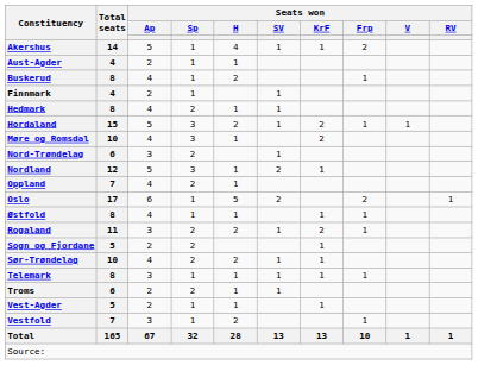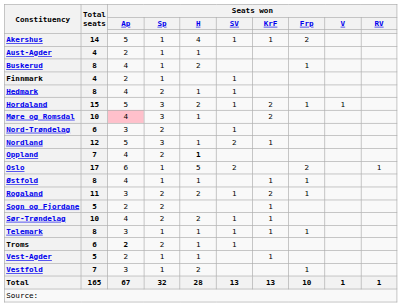 <table class="wikitable" style="text-align:center; font-size: 0.9em;">
 <tr>
 <th rowspan="3">Constituency</th>
 <th rowspan="3">Total<br>seats</th>
 <th colspan="8">Seats won</th>
 </tr>
 <tr>
 <th class="unsortable" style="width:50px;"><a href='#'>Ap</a></th>
 <th class="unsortable" style="width:50px;"><a href='#'>Sp</a></th>
 <th class="unsortable" style="width:50px;"><a href='#'>H</a></th>
 <th class="unsortable" style="width:50px;"><a href='#'>SV</a></th>
 <th class="unsortable" style="width:50px;"><a href='#'>KrF</a></th>
 <th class="unsortable" style="width:50px;"><a href='#'>Frp</a></th>
 <th class="unsortable" style="width:50px;"><a href='#'>V</a></th>
 <th class="unsortable" style="width:50px;"><a href='#'>RV</a></th>
 </tr>
 <tr>
 <th style="background:"></th>
 <th style="background:"></th>
 <th style="background:"></th>
 <th style="background:"></th>
 <th style="background:"></th>
 <th style="background:"></th>
 <th style="background:"></th>
 <th style="background:"></th>
 </tr>
 <tr>
 <th style="text-align: left;"><a href='#'>Akershus</a></th>
 <th>14</th>
 <td>5</td>
 <td>1</td>
 <td>4</td>
 <td>1</td>
 <td>1</td>
 <td>2</td>
 <td></td>
 <td></td>
 </tr>
 <tr>
 <th style="text-align: left;"><a href='#'>Aust-Agder</a></th>
 <th>4</th>
 <td>2</td>
 <td>1</td>
 <td>1</td>
 <td></td>
 <td></td>
 <td></td>
 <td></td>
 <td></td>
 </tr>
 <tr>
 <th style="text-align: left;"><a href='#'>Buskerud</a></th>
 <th>8</th>
 <td>4</td>
 <td>1</td>
 <td>2</td>
 <td></td>
 <td></td>
 <td>1</td>
 <td></td>
 <td></td>
 </tr>
 <tr>
 <th style="text-align: left;">Finnmark</th>
 <th>4</th>
 <td>2</td>
 <td>1</td>
 <td></td>
 <td>1</td>
 <td></td>
 <td></td>
 <td></td>
 <td></td>
 </tr>
 <tr>
 <th style="text-align: left;"><a href='#'>Hedmark</a></th>
 <th>8</th>
 <td>4</td>
 <td>2</td>
 <td>1</td>
 <td>1</td>
 <td></td>
 <td></td>
 <td></td>
 <td></td>
 </tr>
 <tr>
 <th style="text-align: left;"><a href='#'>Hordaland</a></th>
 <th>15</th>
 <td>5</td>
 <td>3</td>
 <td>2</td>
 <td>1</td>
 <td>2</td>
 <td>1</td>
 <td>1</td>
 <td></td>
 </tr>
 <tr>
 <th style="text-align: left;"><a href='#'>Møre og Romsdal</a></th>
 <th>10</th>
-<td>4</td>
+<td style="background: pink;">4</td>
 <td>3</td>
 <td>1</td>
 <td></td>
 <td>2</td>
 <td></td>
 <td></td>
 <td></td>
 </tr>
 <tr>
 <th style="text-align: left;"><a href='#'>Nord-Trøndelag</a></th>
 <th>6</th>
 <td>3</td>
 <td>2</td>
 <td></td>
 <td>1</td>
 <td></td>
 <td></td>
 <td></td>
 <td></td>
 </tr>
 <tr>
 <th style="text-align: left;"><a href='#'>Nordland</a></th>
 <th>12</th>
 <td>5</td>
 <td>3</td>
 <td>1</td>
 <td>2</td>
 <td>1</td>
 <td></td>
 <td></td>
 <td></td>
 </tr>
 <tr>
 <th style="text-align: left;"><a href='#'>Oppland</a></th>
 <th>7</th>
 <td>4</td>
 <td>2</td>
-<td>1</td>
+<td><strong>1</strong></td>
 <td></td>
 <td></td>
 <td></td>
 <td></td>
 <td></td>
 </tr>
 <tr>
 <th style="text-align: left;"><a href='#'>Oslo</a></th>
 <th>17</th>
 <td>6</td>
 <td>1</td>
 <td>5</td>
 <td>2</td>
 <td></td>
 <td>2</td>
 <td></td>
 <td>1</td>
 </tr>
 <tr>
 <th style="text-align: left;"><a href='#'>Østfold</a></th>
 <th>8</th>
 <td>4</td>
 <td>1</td>
 <td>1</td>
 <td></td>
 <td>1</td>
 <td>1</td>
 <td></td>
 <td></td>
 </tr>
 <tr>
 <th style="text-align: left;"><a href='#'>Rogaland</a></th>
 <th>11</th>
 <td>3</td>
 <td>2</td>
 <td>2</td>
 <td>1</td>
 <td>2</td>
 <td>1</td>
 <td></td>
 <td></td>
 </tr>
 <tr>
 <th style="text-align: left;"><a href='#'>Sogn og Fjordane</a></th>
 <th>5</th>
 <td>2</td>
 <td>2</td>
 <td></td>
 <td></td>
 <td>1</td>
 <td></td>
 <td></td>
 <td></td>
 </tr>
 <tr>
 <th style="text-align: left;"><a href='#'>Sør-Trøndelag</a></th>
 <th>10</th>
 <td>4</td>
 <td>2</td>
 <td>2</td>
 <td>1</td>
 <td>1</td>
 <td></td>
 <td></td>
 <td></td>
 </tr>
 <tr>
 <th style="text-align: left;"><a href='#'>Telemark</a></th>
 <th>8</th>
 <td>3</td>
 <td>1</td>
 <td>1</td>
 <td>1</td>
 <td>1</td>
 <td>1</td>
 <td></td>
 <td></td>
 </tr>
 <tr>
 <th style="text-align: left;">Troms</th>
 <th>6</th>
-<td>2</td>
+<td><strong>2</strong></td>
 <td>2</td>
 <td>1</td>
 <td>1</td>
 <td></td>
 <td></td>
 <td></td>
 <td></td>
 </tr>
 <tr>
 <th style="text-align: left;"><a href='#'>Vest-Agder</a></th>
 <th>5</th>
 <td>2</td>
 <td>1</td>
 <td>1</td>
 <td></td>
 <td>1</td>
 <td></td>
 <td></td>
 <td></td>
 </tr>
 <tr>
 <th style="text-align: left;"><a href='#'>Vestfold</a></th>
 <th>7</th>
 <td>3</td>
 <td>1</td>
 <td>2</td>
 <td></td>
 <td></td>
 <td>1</td>
 <td></td>
 <td></td>
 </tr>
 <tr>
 <th style="text-align: left;">Total</th>
 <th>165</th>
 <th>67</th>
 <th>32</th>
 <th>28</th>
 <th>13</th>
 <th>13</th>
 <th>10</th>
 <th>1</th>
 <th>1</th>
 </tr>
 <tr>
 <td align=left colspan="10">Source: </td>
 </tr>
 </table>
